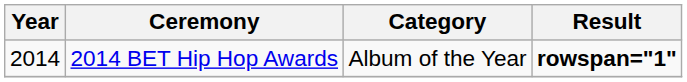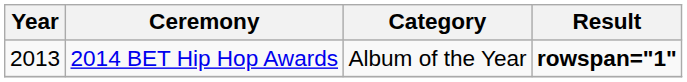 <table class="wikitable">
 <tr>
 <th>Year</th>
 <th>Ceremony</th>
 <th>Category</th>
 <th>Result</th>
 </tr>
 <tr>
-<td rowspan="1">2014</td>
+<td rowspan="1">2013</td>
 <td rowspan="1"><a href='#'>2014 BET Hip Hop Awards</a></td>
 <td>Album of the Year</td>
 <td><strong>rowspan="1" </strong></td>
 </tr>
 <tr>
 </tr>
 </table>
